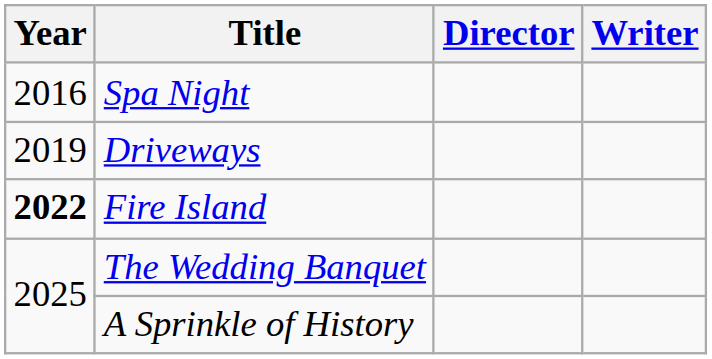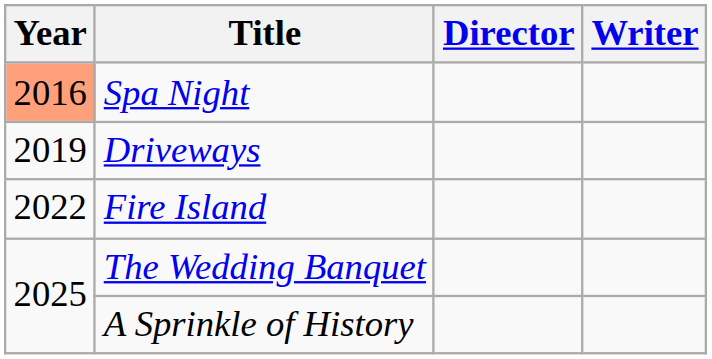 <table class="wikitable plainrowheaders">
 <tr>
 <th scope="col">Year</th>
 <th scope="col">Title</th>
 <th scope="col"><a href='#'>Director</a></th>
 <th scope="col"><a href='#'>Writer</a></th>
 </tr>
 <tr>
-<td>2016</td>
+<td style="background: lightsalmon;">2016</td>
 <td><em><a href='#'>Spa Night</a></em></td>
 <td></td>
 <td></td>
 </tr>
 <tr>
 <td>2019</td>
 <td><em><a href='#'>Driveways</a></em></td>
 <td></td>
 <td></td>
 </tr>
 <tr>
-<td><strong>2022</strong></td>
+<td>2022</td>
 <td><em><a href='#'>Fire Island</a></em></td>
 <td></td>
 <td></td>
 </tr>
 <tr>
 <td rowspan="2">2025</td>
 <td><em><a href='#'>The Wedding Banquet</a></em></td>
 <td></td>
 <td></td>
 </tr>
 <tr>
 <td><em>A Sprinkle of History</em></td>
 <td></td>
 <td></td>
 </tr>
 </table>
